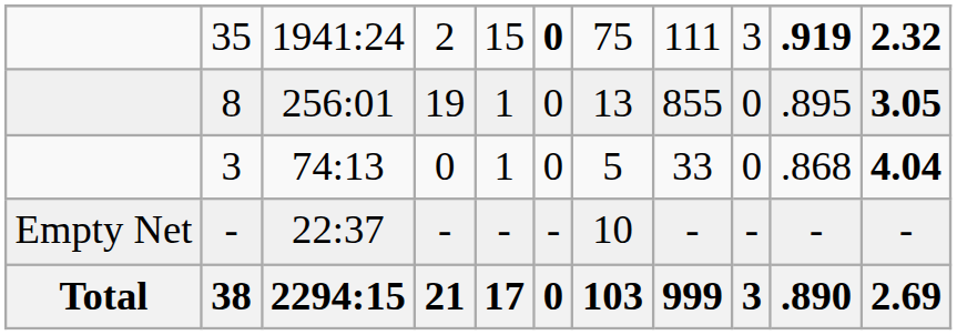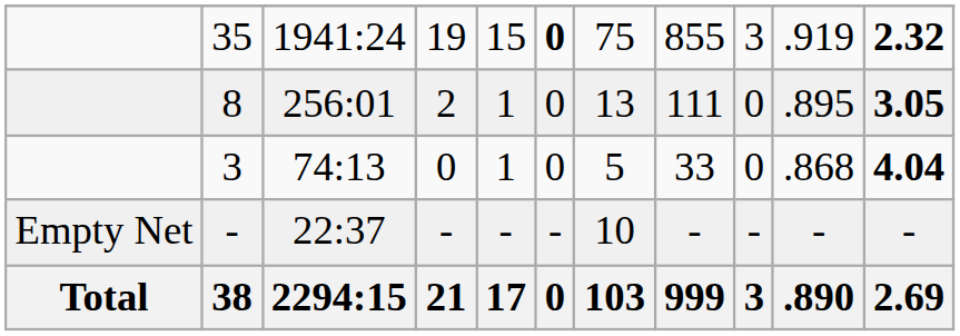 <table class="wikitable sortable">
 <tr align="center">
 </tr>
 <tr align="center" bgcolor="">
 <td></td>
 <td>35</td>
 <td>1941:24</td>
-<td>2</td>
+<td>19</td>
 <td>15</td>
 <td><strong>0</strong></td>
 <td>75</td>
-<td>111</td>
+<td>855</td>
 <td>3</td>
-<td><strong>.919</strong></td>
+<td>.919</td>
 <td><strong>2.32</strong></td>
 </tr>
 <tr align="center" bgcolor="f0f0f0">
 <td></td>
 <td>8</td>
 <td>256:01</td>
-<td>19</td>
+<td>2</td>
 <td>1</td>
 <td>0</td>
 <td>13</td>
-<td>855</td>
+<td>111</td>
 <td>0</td>
 <td>.895</td>
 <td><strong>3.05</strong></td>
 </tr>
 <tr align="center" bgcolor="">
 <td></td>
 <td>3</td>
 <td>74:13</td>
 <td>0</td>
 <td>1</td>
 <td>0</td>
 <td>5</td>
 <td>33</td>
 <td>0</td>
 <td>.868</td>
 <td><strong>4.04</strong></td>
 </tr>
 <tr align="center" bgcolor="f0f0f0">
 <td>Empty Net</td>
 <td>-</td>
 <td>22:37</td>
 <td>-</td>
 <td>-</td>
 <td>-</td>
 <td>10</td>
 <td>-</td>
 <td>-</td>
 <td>-</td>
 <td>-</td>
 </tr>
 <tr>
 <th>Total</th>
 <th>38</th>
 <th>2294:15</th>
 <th>21</th>
 <th>17</th>
 <th>0</th>
 <th>103</th>
 <th>999</th>
 <th>3</th>
 <th>.890</th>
 <th>2.69</th>
 </tr>
 </table>
